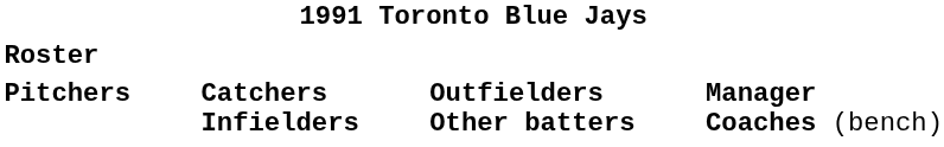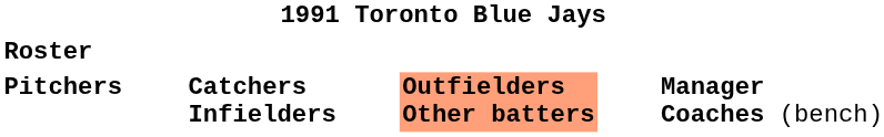 <table class="toccolours" style="font-size: 95%;">
 <tr>
 <th colspan="10">1991 Toronto Blue Jays</th>
 </tr>
 <tr>
 <td colspan="10"><strong>Roster</strong></td>
 </tr>
 <tr>
 <td valign="top"><strong>Pitchers</strong><br> <br>                 </td>
 <td width="25px"></td>
 <td valign="top"><strong>Catchers</strong><br>   <strong>Infielders</strong>          </td>
 <td width="25px"></td>
-<td valign="top"><strong>Outfielders</strong><br>           <strong>Other batters</strong> </td>
+<td valign="top" style="background: lightsalmon;"><strong>Outfielders</strong><br>           <strong>Other batters</strong> </td>
 <td width="25px"></td>
 <td valign="top"><strong>Manager</strong><br> <strong>Coaches</strong>       (bench)</td>
 </tr>
 </table>
